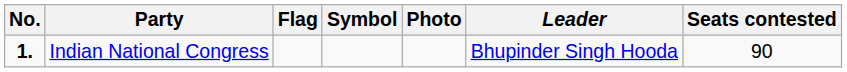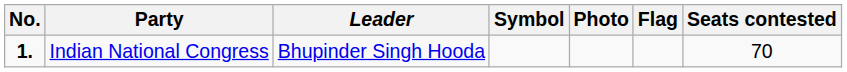 <table class="wikitable">
 <tr>
 <th>No.</th>
 <th>Party</th>
-<th><strong>Flag</strong></th>
+<th><em>Leader</em></th>
 <th>Symbol</th>
 <th>Photo</th>
-<th><em>Leader</em></th>
+<th><strong>Flag</strong></th>
 <th>Seats contested</th>
 </tr>
 <tr>
 <td ! style="text-align:center; background:"><strong>1.</strong></td>
 <td style="text-align:center"><a href='#'>Indian National Congress</a></td>
+<td style="text-align:center"><a href='#'>Bhupinder Singh Hooda</a></td>
 <td></td>
 <td></td>
 <td></td>
-<td style="text-align:center"><a href='#'>Bhupinder Singh Hooda</a></td>
-<td style="text-align:center">90</td>
+<td style="text-align:center">70</td>
 </tr>
 </table>
